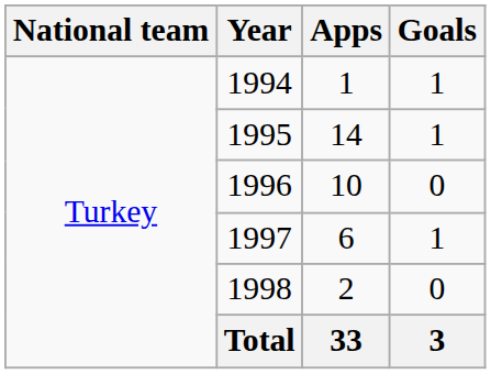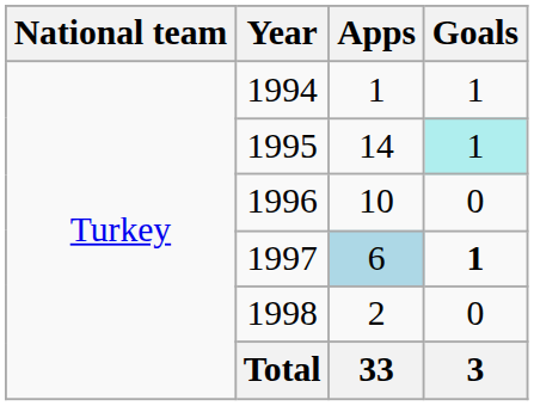 <table class="wikitable" style="text-align:center">
 <tr>
 <th>National team</th>
 <th>Year</th>
 <th>Apps</th>
 <th>Goals</th>
 </tr>
 <tr>
 <td rowspan="10"><a href='#'>Turkey</a></td>
 <td>1994</td>
 <td>1</td>
 <td>1</td>
 </tr>
 <tr>
 <td>1995</td>
 <td>14</td>
-<td>1</td>
+<td style="background: paleturquoise;">1</td>
 </tr>
 <tr>
 <td>1996</td>
 <td>10</td>
 <td>0</td>
 </tr>
 <tr>
 <td>1997</td>
-<td>6</td>
-<td>1</td>
+<td style="background: lightblue;">6</td>
+<td><strong>1</strong></td>
 </tr>
 <tr>
 <td>1998</td>
 <td>2</td>
 <td>0</td>
 </tr>
 <tr>
 <th colspan="1">Total</th>
 <th>33</th>
 <th>3</th>
 </tr>
 </table>
